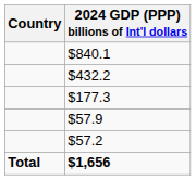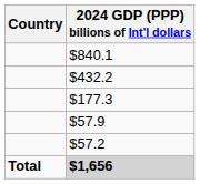 <table class="sortable wikitable sticky-header static-row-numbers col1left" >
 <tr>
 <th>Country</th>
 <th>2024 GDP (PPP)<br><small>billions of <a href='#'>Int'l dollars</a></small></th>
 </tr>
 <tr>
 <td></td>
 <td>$840.1</td>
 </tr>
 <tr>
 <td></td>
 <td>$432.2</td>
 </tr>
 <tr>
 <td></td>
 <td>$177.3</td>
 </tr>
 <tr>
 <td></td>
 <td>$57.9</td>
 </tr>
 <tr>
 <td></td>
 <td>$57.2</td>
 </tr>
 <tr class="static-row-numbers-norank">
 <td><strong> Total </strong></td>
-<td><strong>$1,656</strong></td>
+<td style="background: lightgrey;"><strong>$1,656</strong></td>
 </tr>
 </table>
